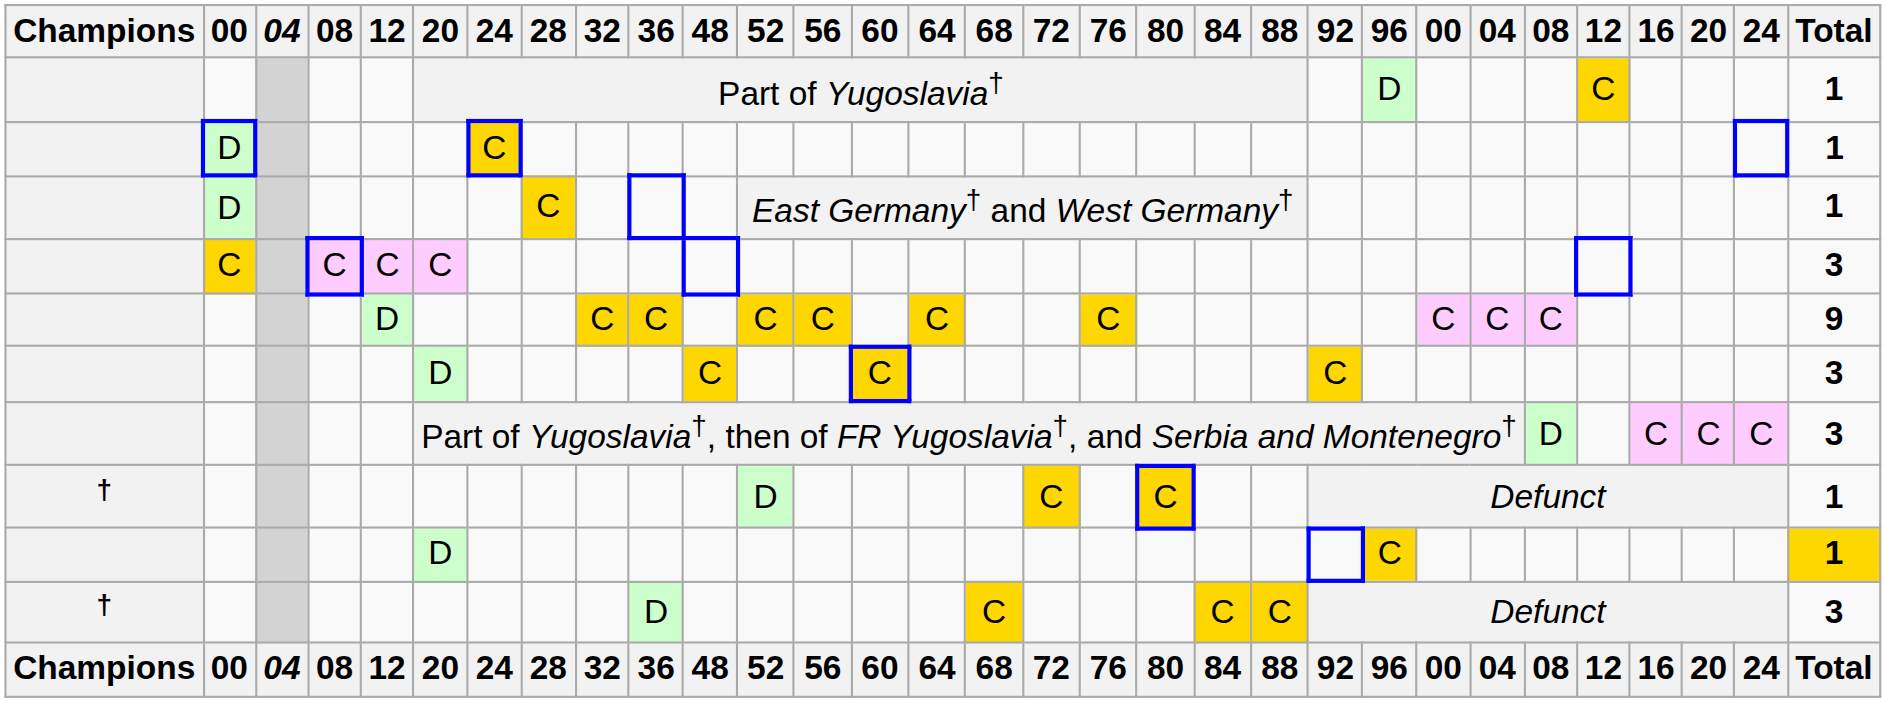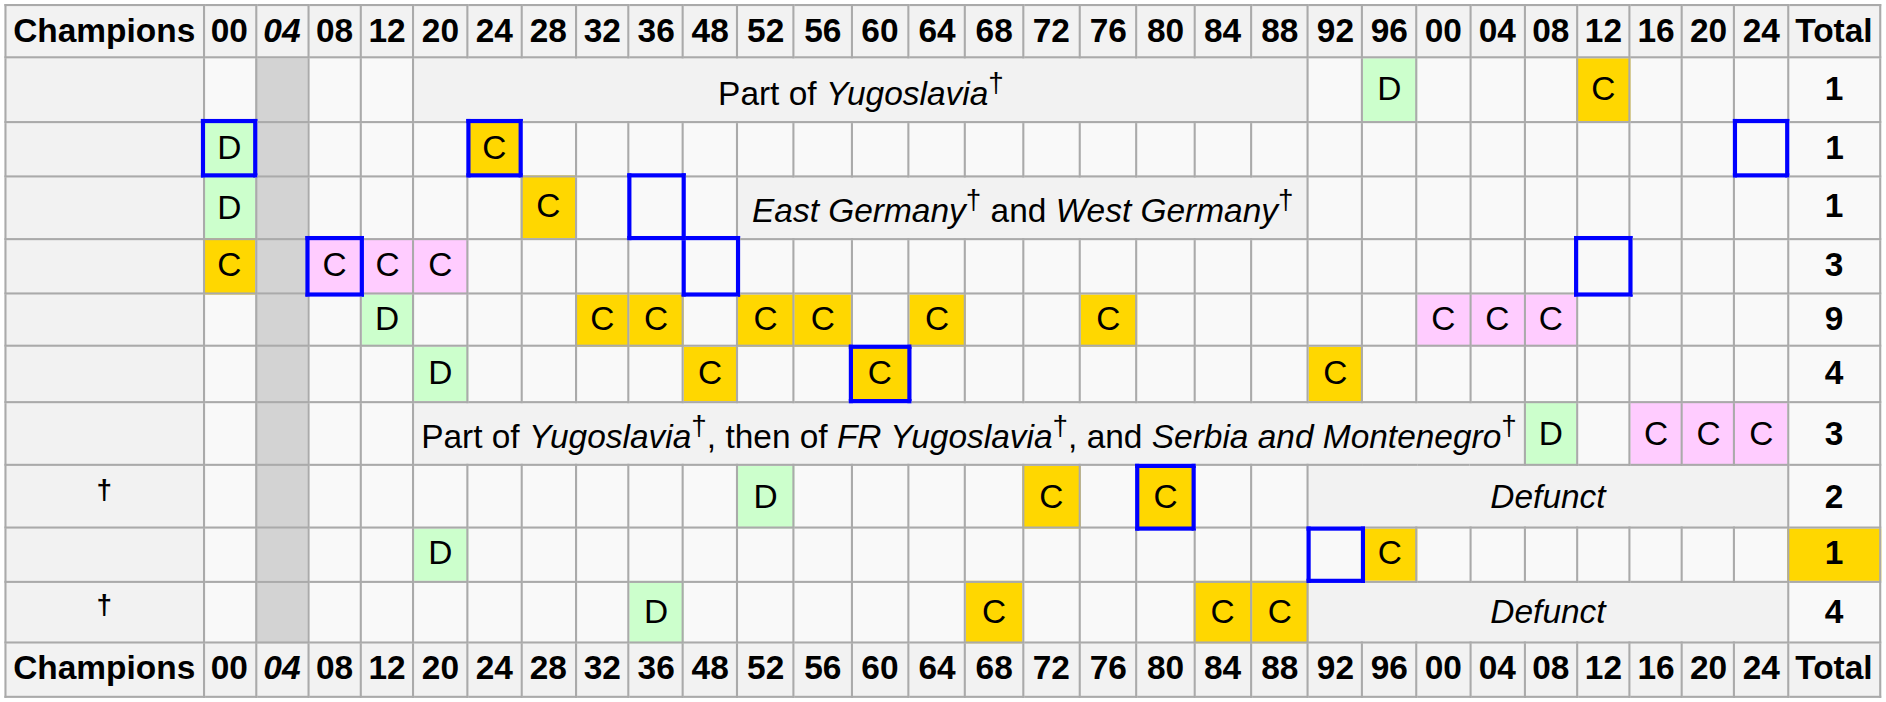 <table class="wikitable plainrowheaders sticky-header" style="text-align: center; margin-left: 1em;">
 <tr>
 <th scope="col">Champions</th>
 <th scope="col">00</th>
 <th scope="col"><em>04</em></th>
 <th scope="col">08</th>
 <th scope="col">12</th>
 <th scope="col">20</th>
 <th scope="col">24</th>
 <th scope="col">28</th>
 <th scope="col">32</th>
 <th scope="col">36</th>
 <th scope="col">48</th>
 <th scope="col">52</th>
 <th scope="col">56</th>
 <th scope="col">60</th>
 <th scope="col">64</th>
 <th scope="col">68</th>
 <th scope="col">72</th>
 <th scope="col">76</th>
 <th scope="col">80</th>
 <th scope="col">84</th>
 <th scope="col">88</th>
 <th scope="col">92</th>
 <th scope="col">96</th>
 <th scope="col">00</th>
 <th scope="col">04</th>
 <th scope="col">08</th>
 <th scope="col">12</th>
 <th scope="col">16</th>
 <th scope="col">20</th>
 <th scope="col">24</th>
 <th scope="col">Total</th>
 </tr>
 <tr>
 <th scope="row"></th>
 <td></td>
 <td style="background-color: lightgray;"></td>
 <td></td>
 <td></td>
 <td colspan="16" style="background-color: #f2f2f2;">Part of <em>Yugoslavia</em><sup>†</sup></td>
 <td></td>
 <td style="background-color: #ccffcc;">D</td>
 <td></td>
 <td></td>
 <td></td>
 <td style="background-color: gold;">C</td>
 <td></td>
 <td></td>
 <td></td>
 <td><strong>1</strong></td>
 </tr>
 <tr>
 <th scope="row"></th>
 <td style="border: 2px solid blue; background-color: #ccffcc;">D</td>
 <td style="background-color: lightgray;"></td>
 <td></td>
 <td></td>
 <td></td>
 <td style="border: 2px solid blue; background-color: gold;">C</td>
 <td></td>
 <td></td>
 <td></td>
 <td></td>
 <td></td>
 <td></td>
 <td></td>
 <td></td>
 <td></td>
 <td></td>
 <td></td>
 <td></td>
 <td></td>
 <td></td>
 <td></td>
 <td></td>
 <td></td>
 <td></td>
 <td></td>
 <td></td>
 <td></td>
 <td></td>
 <td style="border: 2px solid blue;"></td>
 <td><strong>1</strong></td>
 </tr>
 <tr>
 <th scope="row"></th>
 <td style="background-color: #ccffcc;">D</td>
 <td style="background-color: lightgray;"></td>
 <td></td>
 <td></td>
 <td></td>
 <td></td>
 <td style="background-color: gold;">C</td>
 <td></td>
 <td style="border: 2px solid blue;"></td>
 <td></td>
 <td colspan="10" style="background-color: #f2f2f2;"><em>East Germany</em><sup>†</sup> and <em>West Germany</em><sup>†</sup></td>
 <td></td>
 <td></td>
 <td></td>
 <td></td>
 <td></td>
 <td></td>
 <td></td>
 <td></td>
 <td></td>
 <td><strong>1</strong></td>
 </tr>
 <tr>
 <th scope="row"></th>
 <td style="background-color: gold;">C</td>
 <td style="background-color: lightgray;"></td>
 <td style="border: 2px solid blue; background-color: #ffccff;">C</td>
 <td style="background-color: #ffccff;">C</td>
 <td style="background-color: #ffccff;">C</td>
 <td></td>
 <td></td>
 <td></td>
 <td></td>
 <td style="border: 2px solid blue;"></td>
 <td></td>
 <td></td>
 <td></td>
 <td></td>
 <td></td>
 <td></td>
 <td></td>
 <td></td>
 <td></td>
 <td></td>
 <td></td>
 <td></td>
 <td></td>
 <td></td>
 <td></td>
 <td style="border: 2px solid blue;"></td>
 <td></td>
 <td></td>
 <td></td>
 <td><strong>3</strong></td>
 </tr>
 <tr>
 <th scope="row"></th>
 <td></td>
 <td style="background-color: lightgray;"></td>
 <td></td>
 <td style="background-color: #ccffcc;">D</td>
 <td></td>
 <td></td>
 <td></td>
 <td style="background-color: gold;">C</td>
 <td style="background-color: gold;">C</td>
 <td></td>
 <td style="background-color: gold;">C</td>
 <td style="background-color: gold;">C</td>
 <td></td>
 <td style="background-color: gold;">C</td>
 <td></td>
 <td></td>
 <td style="background-color: gold;">C</td>
 <td></td>
 <td></td>
 <td></td>
 <td></td>
 <td></td>
 <td style="background-color: #ffccff;">C</td>
 <td style="background-color: #ffccff;">C</td>
 <td style="background-color: #ffccff;">C</td>
 <td></td>
 <td></td>
 <td></td>
 <td></td>
 <td><strong>9</strong></td>
 </tr>
 <tr>
 <th scope="row"></th>
 <td></td>
 <td style="background-color: lightgray;"></td>
 <td></td>
 <td></td>
 <td style="background-color: #ccffcc;">D</td>
 <td></td>
 <td></td>
 <td></td>
 <td></td>
 <td style="background-color: gold;">C</td>
 <td></td>
 <td></td>
 <td style="border: 2px solid blue; background-color: gold;">C</td>
 <td></td>
 <td></td>
 <td></td>
 <td></td>
 <td></td>
 <td></td>
 <td></td>
 <td style="background-color: gold;">C</td>
 <td></td>
 <td></td>
 <td></td>
 <td></td>
 <td></td>
 <td></td>
 <td></td>
 <td></td>
-<td><strong>3</strong></td>
+<td><strong>4</strong></td>
 </tr>
 <tr>
 <th scope="row"></th>
 <td></td>
 <td style="background-color: lightgray;"></td>
 <td></td>
 <td></td>
 <td colspan="20" style="background-color: #f2f2f2;">Part of <em>Yugoslavia</em><sup>†</sup>, then of <em>FR Yugoslavia</em><sup>†</sup>, and <em>Serbia and Montenegro</em><sup>†</sup></td>
 <td style="background-color: #ccffcc;">D</td>
 <td></td>
 <td style="background-color: #ffccff;">C</td>
 <td style="background-color: #ffccff;">C</td>
 <td style="background-color: #ffccff;">C</td>
 <td><strong>3</strong></td>
 </tr>
 <tr>
 <th scope="row"><em></em><sup>†</sup></th>
 <td></td>
 <td style="background-color: lightgray;"></td>
 <td></td>
 <td></td>
 <td></td>
 <td></td>
 <td></td>
 <td></td>
 <td></td>
 <td></td>
 <td style="background-color: #ccffcc;">D</td>
 <td></td>
 <td></td>
 <td></td>
 <td></td>
 <td style="background-color: gold;">C</td>
 <td></td>
 <td style="border: 2px solid blue; background-color: gold;">C</td>
 <td></td>
 <td></td>
 <td colspan="9" style="background-color: #f2f2f2;"><em>Defunct</em></td>
-<td><strong>1</strong></td>
+<td><strong>2</strong></td>
 </tr>
 <tr>
 <th scope="row"></th>
 <td></td>
 <td style="background-color: lightgray;"></td>
 <td></td>
 <td></td>
 <td style="background-color: #ccffcc;">D</td>
 <td></td>
 <td></td>
 <td></td>
 <td></td>
 <td></td>
 <td></td>
 <td></td>
 <td></td>
 <td></td>
 <td></td>
 <td></td>
 <td></td>
 <td></td>
 <td></td>
 <td></td>
 <td style="border: 2px solid blue;"></td>
 <td style="background-color: gold;">C</td>
 <td></td>
 <td></td>
 <td></td>
 <td></td>
 <td></td>
 <td></td>
 <td></td>
 <td style="background: gold;"><strong>1</strong></td>
 </tr>
 <tr>
 <th scope="row"><em></em><sup>†</sup></th>
 <td></td>
 <td style="background-color: lightgray;"></td>
 <td></td>
 <td></td>
 <td></td>
 <td></td>
 <td></td>
 <td></td>
 <td style="background-color: #ccffcc;">D</td>
 <td></td>
 <td></td>
 <td></td>
 <td></td>
 <td></td>
 <td style="background-color: gold;">C</td>
 <td></td>
 <td></td>
 <td></td>
 <td style="background-color: gold;">C</td>
 <td style="background-color: gold;">C</td>
 <td colspan="9" style="background-color: #f2f2f2;"><em>Defunct</em></td>
-<td><strong>3</strong></td>
+<td><strong>4</strong></td>
 </tr>
 <tr>
 <th scope="col">Champions</th>
 <th scope="col">00</th>
 <th scope="col"><em>04</em></th>
 <th scope="col">08</th>
 <th scope="col">12</th>
 <th scope="col">20</th>
 <th scope="col">24</th>
 <th scope="col">28</th>
 <th scope="col">32</th>
 <th scope="col">36</th>
 <th scope="col">48</th>
 <th scope="col">52</th>
 <th scope="col">56</th>
 <th scope="col">60</th>
 <th scope="col">64</th>
 <th scope="col">68</th>
 <th scope="col">72</th>
 <th scope="col">76</th>
 <th scope="col">80</th>
 <th scope="col">84</th>
 <th scope="col">88</th>
 <th scope="col">92</th>
 <th scope="col">96</th>
 <th scope="col">00</th>
 <th scope="col">04</th>
 <th scope="col">08</th>
 <th scope="col">12</th>
 <th scope="col">16</th>
 <th scope="col">20</th>
 <th scope="col">24</th>
 <th scope="col">Total</th>
 </tr>
 </table>
